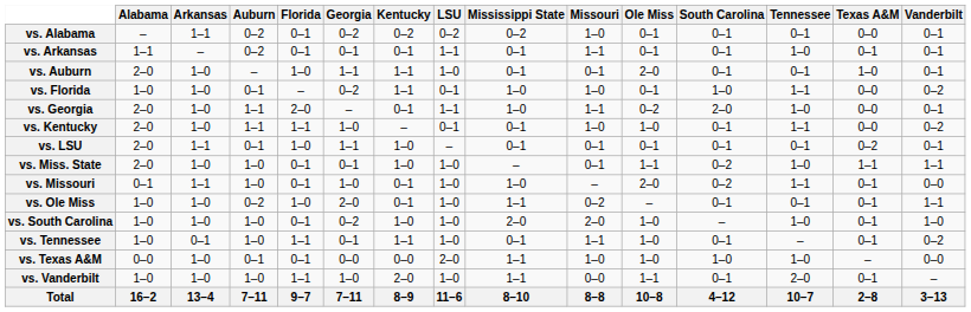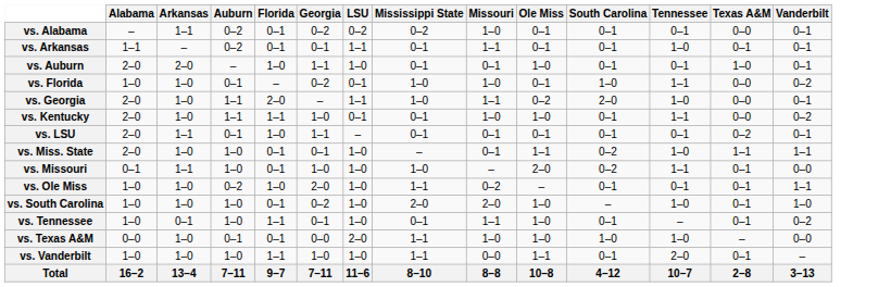 <table class="wikitable" style="white-space:nowrap;font-size:90%;">
 <tr>
 <th colspan=1 style="background:white; border-top-style:hidden; border-left-style:hidden;"   width=75> </th>
 <th>Alabama</th>
 <th>Arkansas</th>
 <th>Auburn</th>
 <th>Florida</th>
 <th>Georgia</th>
-<th>Kentucky</th>
 <th>LSU</th>
 <th>Mississippi State</th>
 <th>Missouri</th>
 <th>Ole Miss</th>
 <th>South Carolina</th>
 <th>Tennessee</th>
 <th>Texas A&M</th>
 <th>Vanderbilt</th>
 </tr>
 <tr style="text-align:center;">
 <th>vs. Alabama</th>
 <td>–</td>
 <td>1–1</td>
 <td>0–2</td>
 <td>0–1</td>
 <td>0–2</td>
 <td>0–2</td>
 <td>0–2</td>
-<td>0–2</td>
 <td>1–0</td>
 <td>0–1</td>
 <td>0–1</td>
 <td>0–1</td>
 <td>0–0</td>
 <td>0–1</td>
 </tr>
 <tr style="text-align:center;">
 <th>vs. Arkansas</th>
 <td>1–1</td>
 <td>–</td>
 <td>0–2</td>
 <td>0–1</td>
 <td>0–1</td>
-<td>0–1</td>
 <td>1–1</td>
 <td>0–1</td>
 <td>1–1</td>
 <td>0–1</td>
 <td>0–1</td>
 <td>1–0</td>
 <td>0–1</td>
 <td>0–1</td>
 </tr>
 <tr style="text-align:center;">
 <th>vs. Auburn</th>
 <td>2–0</td>
-<td>1–0</td>
+<td>2–0</td>
 <td>–</td>
 <td>1–0</td>
-<td>1–1</td>
 <td>1–1</td>
 <td>1–0</td>
 <td>0–1</td>
 <td>0–1</td>
-<td>2–0</td>
+<td>1–0</td>
 <td>0–1</td>
 <td>0–1</td>
 <td>1–0</td>
 <td>0–1</td>
 </tr>
 <tr style="text-align:center;">
 <th>vs. Florida</th>
 <td>1–0</td>
 <td>1–0</td>
 <td>0–1</td>
 <td>–</td>
 <td>0–2</td>
-<td>1–1</td>
 <td>0–1</td>
 <td>1–0</td>
 <td>1–0</td>
 <td>0–1</td>
 <td>1–0</td>
 <td>1–1</td>
 <td>0–0</td>
 <td>0–2</td>
 </tr>
 <tr style="text-align:center;">
 <th>vs. Georgia</th>
 <td>2–0</td>
 <td>1–0</td>
 <td>1–1</td>
 <td>2–0</td>
 <td>–</td>
-<td>0–1</td>
 <td>1–1</td>
 <td>1–0</td>
 <td>1–1</td>
 <td>0–2</td>
 <td>2–0</td>
 <td>1–0</td>
 <td>0–0</td>
 <td>0–1</td>
 </tr>
 <tr style="text-align:center;">
 <th>vs. Kentucky</th>
 <td>2–0</td>
 <td>1–0</td>
 <td>1–1</td>
 <td>1–1</td>
 <td>1–0</td>
-<td>–</td>
 <td>0–1</td>
 <td>0–1</td>
 <td>1–0</td>
 <td>1–0</td>
 <td>0–1</td>
 <td>1–1</td>
 <td>0–0</td>
 <td>0–2</td>
 </tr>
 <tr style="text-align:center;">
 <th>vs. LSU</th>
 <td>2–0</td>
 <td>1–1</td>
 <td>0–1</td>
 <td>1–0</td>
 <td>1–1</td>
-<td>1–0</td>
 <td>–</td>
 <td>0–1</td>
 <td>0–1</td>
 <td>0–1</td>
 <td>0–1</td>
 <td>0–1</td>
 <td>0–2</td>
 <td>0–1</td>
 </tr>
 <tr style="text-align:center;">
 <th>vs. Miss. State</th>
 <td>2–0</td>
 <td>1–0</td>
 <td>1–0</td>
 <td>0–1</td>
 <td>0–1</td>
 <td>1–0</td>
-<td>1–0</td>
 <td>–</td>
 <td>0–1</td>
 <td>1–1</td>
 <td>0–2</td>
 <td>1–0</td>
 <td>1–1</td>
 <td>1–1</td>
 </tr>
 <tr style="text-align:center;">
 <th>vs. Missouri</th>
 <td>0–1</td>
 <td>1–1</td>
 <td>1–0</td>
 <td>0–1</td>
 <td>1–0</td>
-<td>0–1</td>
 <td>1–0</td>
 <td>1–0</td>
 <td>–</td>
 <td>2–0</td>
 <td>0–2</td>
 <td>1–1</td>
 <td>0–1</td>
 <td>0–0</td>
 </tr>
 <tr style="text-align:center;">
 <th>vs. Ole Miss</th>
 <td>1–0</td>
 <td>1–0</td>
 <td>0–2</td>
 <td>1–0</td>
 <td>2–0</td>
-<td>0–1</td>
 <td>1–0</td>
 <td>1–1</td>
 <td>0–2</td>
 <td>–</td>
 <td>0–1</td>
 <td>0–1</td>
 <td>0–1</td>
 <td>1–1</td>
 </tr>
 <tr style="text-align:center;">
 <th>vs. South Carolina</th>
 <td>1–0</td>
 <td>1–0</td>
 <td>1–0</td>
 <td>0–1</td>
 <td>0–2</td>
 <td>1–0</td>
-<td>1–0</td>
 <td>2–0</td>
 <td>2–0</td>
 <td>1–0</td>
 <td>–</td>
 <td>1–0</td>
 <td>0–1</td>
 <td>1–0</td>
 </tr>
 <tr style="text-align:center;">
 <th>vs. Tennessee</th>
 <td>1–0</td>
 <td>0–1</td>
 <td>1–0</td>
 <td>1–1</td>
 <td>0–1</td>
-<td>1–1</td>
 <td>1–0</td>
 <td>0–1</td>
 <td>1–1</td>
 <td>1–0</td>
 <td>0–1</td>
 <td>–</td>
 <td>0–1</td>
 <td>0–2</td>
 </tr>
 <tr style="text-align:center;">
 <th>vs. Texas A&M</th>
 <td>0–0</td>
 <td>1–0</td>
 <td>0–1</td>
 <td>0–1</td>
-<td>0–0</td>
 <td>0–0</td>
 <td>2–0</td>
 <td>1–1</td>
 <td>1–0</td>
 <td>1–0</td>
 <td>1–0</td>
 <td>1–0</td>
 <td>–</td>
 <td>0–0</td>
 </tr>
 <tr style="text-align:center;">
 <th>vs. Vanderbilt</th>
 <td>1–0</td>
 <td>1–0</td>
 <td>1–0</td>
 <td>1–1</td>
 <td>1–0</td>
-<td>2–0</td>
 <td>1–0</td>
 <td>1–1</td>
 <td>0–0</td>
 <td>1–1</td>
 <td>0–1</td>
 <td>2–0</td>
 <td>0–1</td>
 <td>–</td>
 </tr>
 <tr style="text-align:center;">
 <th>Total</th>
 <th>16–2</th>
 <th>13–4</th>
 <th>7–11</th>
 <th>9–7</th>
 <th>7–11</th>
-<th>8–9</th>
 <th>11–6</th>
 <th>8–10</th>
 <th>8–8</th>
 <th>10–8</th>
 <th>4–12</th>
 <th>10–7</th>
 <th>2–8</th>
 <th>3–13</th>
 </tr>
 </table>
